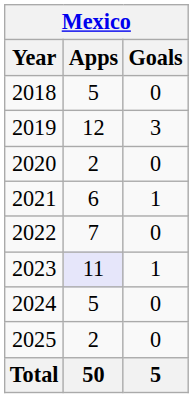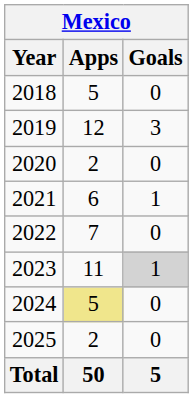 <table class="wikitable" style="text-align:center">
 <tr>
 <th colspan=3><a href='#'>Mexico</a></th>
 </tr>
 <tr>
 <th>Year</th>
 <th>Apps</th>
 <th>Goals</th>
 </tr>
 <tr>
 <td>2018</td>
 <td>5</td>
 <td>0</td>
 </tr>
 <tr>
 <td>2019</td>
 <td>12</td>
 <td>3</td>
 </tr>
 <tr>
 <td>2020</td>
 <td>2</td>
 <td>0</td>
 </tr>
 <tr>
 <td>2021</td>
 <td>6</td>
 <td>1</td>
 </tr>
 <tr>
 <td>2022</td>
 <td>7</td>
 <td>0</td>
 </tr>
 <tr>
 <td>2023</td>
-<td style="background: lavender;">11</td>
-<td>1</td>
+<td>11</td>
+<td style="background: lightgrey;">1</td>
 </tr>
 <tr>
 <td>2024</td>
-<td>5</td>
+<td style="background: khaki;">5</td>
 <td>0</td>
 </tr>
 <tr>
 <td>2025</td>
 <td>2</td>
 <td>0</td>
 </tr>
 <tr>
 <th>Total</th>
 <th>50</th>
 <th>5</th>
 </tr>
 </table>
